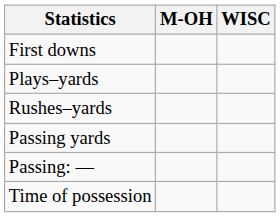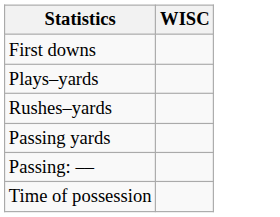 <table class="wikitable" style="float:left">
 <tr>
 <th>Statistics</th>
-<th>M-OH</th>
 <th>WISC</th>
 </tr>
 <tr>
 <td>First downs</td>
 <td></td>
-<td></td>
 </tr>
 <tr>
 <td>Plays–yards</td>
-<td></td>
 <td></td>
 </tr>
 <tr>
 <td>Rushes–yards</td>
 <td></td>
-<td></td>
 </tr>
 <tr>
 <td>Passing yards</td>
-<td></td>
 <td></td>
 </tr>
 <tr>
 <td>Passing: ––</td>
 <td></td>
-<td></td>
 </tr>
 <tr>
 <td>Time of possession</td>
 <td></td>
-<td></td>
 </tr>
 </table>
